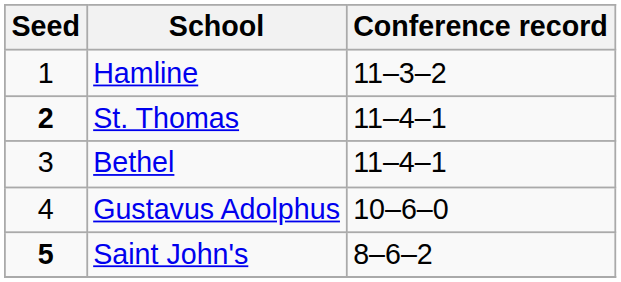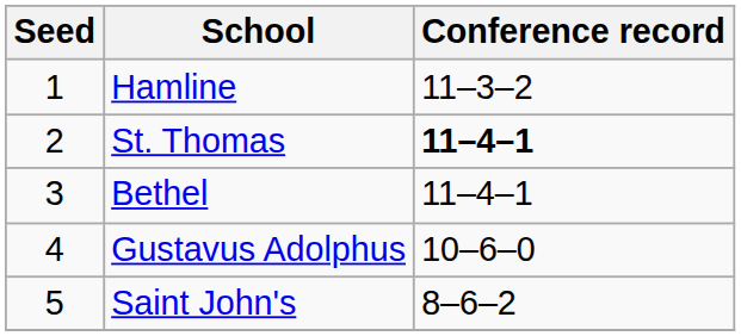 <table class="wikitable">
 <tr>
 <th>Seed</th>
 <th>School</th>
 <th>Conference record</th>
 </tr>
 <tr>
 <td align=center>1</td>
 <td><a href='#'>Hamline</a></td>
 <td>11–3–2</td>
 </tr>
 <tr>
-<td align=center><strong>2</strong></td>
+<td align=center>2</td>
 <td><a href='#'>St. Thomas</a></td>
-<td>11–4–1</td>
+<td><strong>11–4–1</strong></td>
 </tr>
 <tr>
 <td align=center>3</td>
 <td><a href='#'>Bethel</a></td>
 <td>11–4–1</td>
 </tr>
 <tr>
 <td align=center>4</td>
 <td><a href='#'>Gustavus Adolphus</a></td>
 <td>10–6–0</td>
 </tr>
 <tr>
-<td align=center><strong>5</strong></td>
+<td align=center>5</td>
 <td><a href='#'>Saint John's</a></td>
 <td>8–6–2</td>
 </tr>
 <tr>
 </tr>
 </table>
